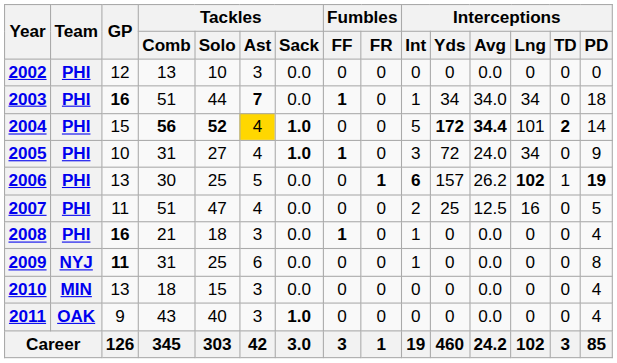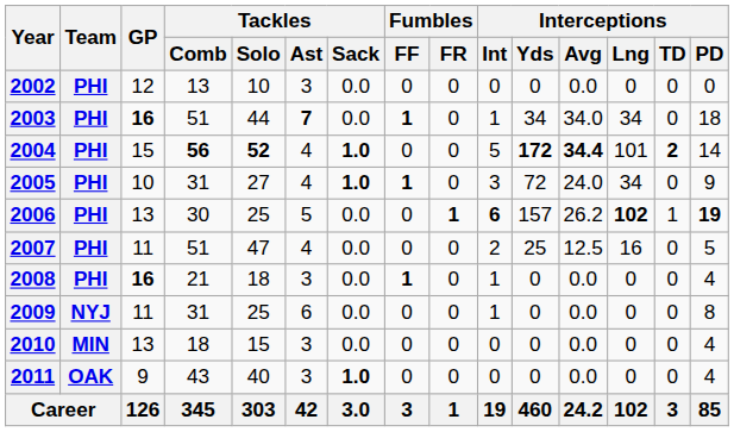 <table class="wikitable" style="text-align:center">
 <tr>
 <th rowspan="2">Year</th>
 <th rowspan="2">Team</th>
 <th rowspan="2">GP</th>
 <th colspan="4">Tackles</th>
 <th colspan="2">Fumbles</th>
 <th colspan="6">Interceptions</th>
 </tr>
 <tr>
 <th>Comb</th>
 <th>Solo</th>
 <th>Ast</th>
 <th>Sack</th>
 <th>FF</th>
 <th>FR</th>
 <th>Int</th>
 <th>Yds</th>
 <th>Avg</th>
 <th>Lng</th>
 <th>TD</th>
 <th>PD</th>
 </tr>
 <tr>
 <th><a href='#'>2002</a></th>
 <th><a href='#'>PHI</a></th>
 <td>12</td>
 <td>13</td>
 <td>10</td>
 <td>3</td>
 <td>0.0</td>
 <td>0</td>
 <td>0</td>
 <td>0</td>
 <td>0</td>
 <td>0.0</td>
 <td>0</td>
 <td>0</td>
 <td>0</td>
 </tr>
 <tr>
 <th><a href='#'>2003</a></th>
 <th><a href='#'>PHI</a></th>
 <td><strong>16</strong></td>
 <td>51</td>
 <td>44</td>
 <td><strong>7</strong></td>
 <td>0.0</td>
 <td><strong>1</strong></td>
 <td>0</td>
 <td>1</td>
 <td>34</td>
 <td>34.0</td>
 <td>34</td>
 <td>0</td>
 <td>18</td>
 </tr>
 <tr>
 <th><a href='#'>2004</a></th>
 <th><a href='#'>PHI</a></th>
 <td>15</td>
 <td><strong>56</strong></td>
 <td><strong>52</strong></td>
-<td style="background: gold;">4</td>
+<td>4</td>
 <td><strong>1.0</strong></td>
 <td>0</td>
 <td>0</td>
 <td>5</td>
 <td><strong>172</strong></td>
 <td><strong>34.4</strong></td>
 <td>101</td>
 <td><strong>2</strong></td>
 <td>14</td>
 </tr>
 <tr>
 <th><a href='#'>2005</a></th>
 <th><a href='#'>PHI</a></th>
 <td>10</td>
 <td>31</td>
 <td>27</td>
 <td>4</td>
 <td><strong>1.0</strong></td>
 <td><strong>1</strong></td>
 <td>0</td>
 <td>3</td>
 <td>72</td>
 <td>24.0</td>
 <td>34</td>
 <td>0</td>
 <td>9</td>
 </tr>
 <tr>
 <th><a href='#'>2006</a></th>
 <th><a href='#'>PHI</a></th>
 <td>13</td>
 <td>30</td>
 <td>25</td>
 <td>5</td>
 <td>0.0</td>
 <td>0</td>
 <td><strong>1</strong></td>
 <td><strong>6</strong></td>
 <td>157</td>
 <td>26.2</td>
 <td><strong>102</strong></td>
 <td>1</td>
 <td><strong>19</strong></td>
 </tr>
 <tr>
 <th><a href='#'>2007</a></th>
 <th><a href='#'>PHI</a></th>
 <td>11</td>
 <td>51</td>
 <td>47</td>
 <td>4</td>
 <td>0.0</td>
 <td>0</td>
 <td>0</td>
 <td>2</td>
 <td>25</td>
 <td>12.5</td>
 <td>16</td>
 <td>0</td>
 <td>5</td>
 </tr>
 <tr>
 <th><a href='#'>2008</a></th>
 <th><a href='#'>PHI</a></th>
 <td><strong>16</strong></td>
 <td>21</td>
 <td>18</td>
 <td>3</td>
 <td>0.0</td>
 <td><strong>1</strong></td>
 <td>0</td>
 <td>1</td>
 <td>0</td>
 <td>0.0</td>
 <td>0</td>
 <td>0</td>
 <td>4</td>
 </tr>
 <tr>
 <th><a href='#'>2009</a></th>
 <th><a href='#'>NYJ</a></th>
-<td><strong>11</strong></td>
+<td>11</td>
 <td>31</td>
 <td>25</td>
 <td>6</td>
 <td>0.0</td>
 <td>0</td>
 <td>0</td>
 <td>1</td>
 <td>0</td>
 <td>0.0</td>
 <td>0</td>
 <td>0</td>
 <td>8</td>
 </tr>
 <tr>
 <th><a href='#'>2010</a></th>
 <th><a href='#'>MIN</a></th>
 <td>13</td>
 <td>18</td>
 <td>15</td>
 <td>3</td>
 <td>0.0</td>
 <td>0</td>
 <td>0</td>
 <td>0</td>
 <td>0</td>
 <td>0.0</td>
 <td>0</td>
 <td>0</td>
 <td>4</td>
 </tr>
 <tr>
 <th><a href='#'>2011</a></th>
 <th><a href='#'>OAK</a></th>
 <td>9</td>
 <td>43</td>
 <td>40</td>
 <td>3</td>
 <td><strong>1.0</strong></td>
 <td>0</td>
 <td>0</td>
 <td>0</td>
 <td>0</td>
 <td>0.0</td>
 <td>0</td>
 <td>0</td>
 <td>4</td>
 </tr>
 <tr>
 <th colspan="2">Career</th>
 <th>126</th>
 <th>345</th>
 <th>303</th>
 <th>42</th>
 <th>3.0</th>
 <th>3</th>
 <th>1</th>
 <th>19</th>
 <th>460</th>
 <th>24.2</th>
 <th>102</th>
 <th>3</th>
 <th>85</th>
 </tr>
 </table>
